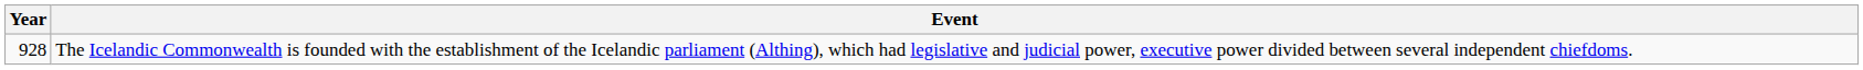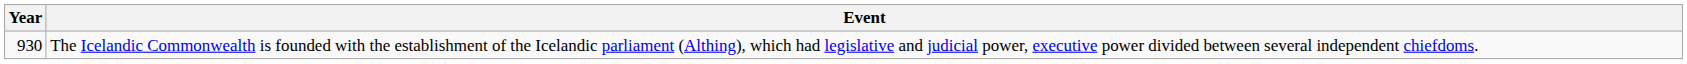 <table class="wikitable" style="width: 100%;">
 <tr>
 <th style="width: 30px;">Year</th>
 <th>Event</th>
 </tr>
 <tr>
-<td style="text-align: right;">928</td>
+<td style="text-align: right;">930</td>
 <td>The <a href='#'>Icelandic Commonwealth</a> is founded with the establishment of the Icelandic <a href='#'>parliament</a> (<a href='#'>Althing</a>), which had <a href='#'>legislative</a> and <a href='#'>judicial</a> power, <a href='#'>executive</a> power divided between several independent <a href='#'>chiefdoms</a>.</td>
 </tr>
 </table>
